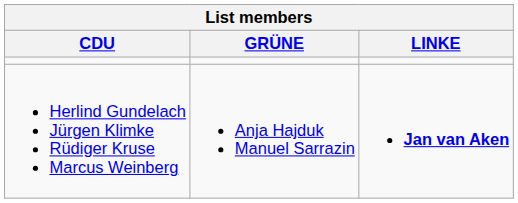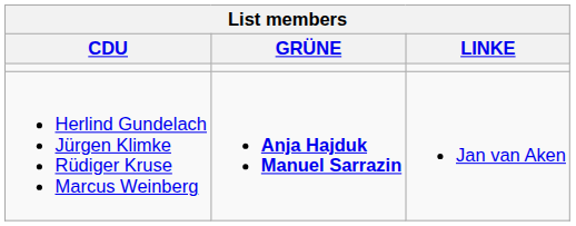 <table class=wikitable>
 <tr>
 <th colspan=3>List members</th>
 </tr>
 <tr>
 <th><a href='#'>CDU</a></th>
 <th><a href='#'>GRÜNE</a></th>
 <th><a href='#'>LINKE</a></th>
 </tr>
 <tr>
 <td bgcolor=></td>
 <td bgcolor=></td>
 <td bgcolor=></td>
 </tr>
 <tr>
 <td><br><ul><li><a href='#'>Herlind Gundelach</a></li><li><a href='#'>Jürgen Klimke</a></li><li><a href='#'>Rüdiger Kruse</a></li><li><a href='#'>Marcus Weinberg</a></li></ul></td>
-<td><br><ul><li><a href='#'>Anja Hajduk</a></li><li><a href='#'>Manuel Sarrazin</a></li></ul></td>
-<td><strong><br><ul><li><a href='#'>Jan van Aken</a></li></ul></strong></td>
+<td><strong><br><ul><li><a href='#'>Anja Hajduk</a></li><li><a href='#'>Manuel Sarrazin</a></li></ul></strong></td>
+<td><br><ul><li><a href='#'>Jan van Aken</a></li></ul></td>
 </tr>
 </table>
